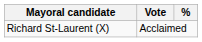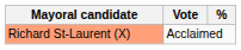 <table class="wikitable">
 <tr>
 <th bgcolor="#DDDDFF" width="200px">Mayoral candidate</th>
 <th bgcolor="#DDDDFF" width="50px">Vote</th>
 <th bgcolor="#DDDDFF"  width="30px">%</th>
 </tr>
 <tr>
-<td>Richard St-Laurent (X)</td>
+<td style="background: lightsalmon;">Richard St-Laurent (X)</td>
 <td colspan="2">Acclaimed</td>
 </tr>
 </table>
